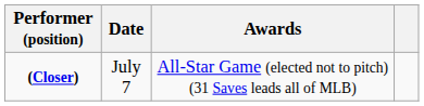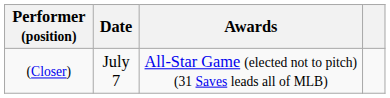 <table class="wikitable sortable" style="width:60%;">
 <tr align=center>
 <th style="width:12%;">Performer <small>(position)</small></th>
 <th style="width:8%;" data-sort-type="date">Date</th>
 <th style="width:50%;">Awards</th>
 <th style="width:5%;"></th>
 </tr>
 <tr align=center>
-<td><strong> <small>(<a href='#'>Closer</a>)</small></strong></td>
+<td> <small>(<a href='#'>Closer</a>)</small></td>
 <td>July 7</td>
 <td><a href='#'>All-Star Game</a> <small>(elected not to pitch)</small> <br> <small> (31 <a href='#'>Saves</a> leads all of MLB)</small></td>
 <td></td>
 </tr>
 </table>
